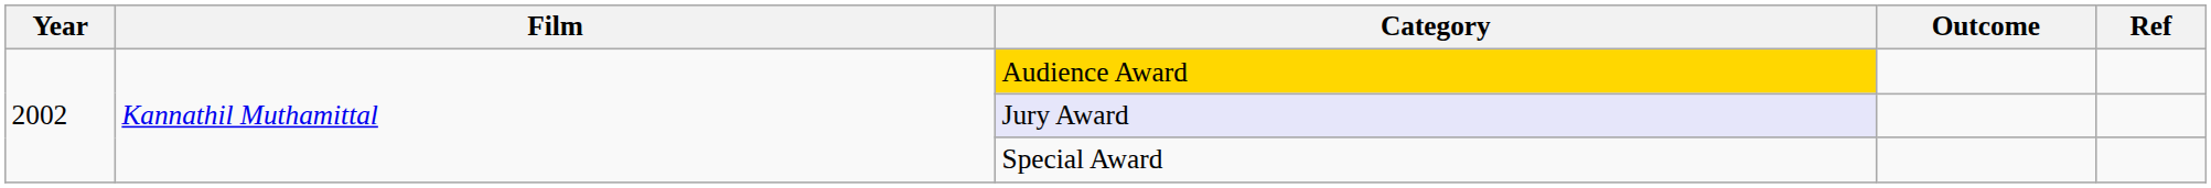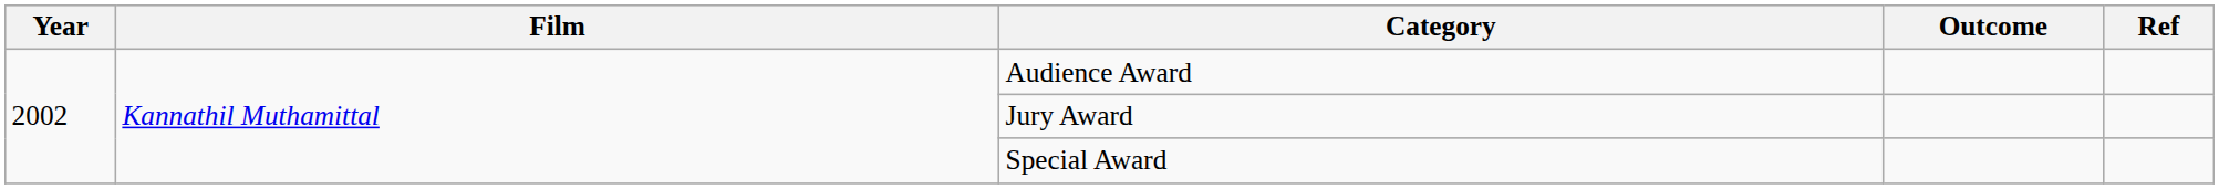 <table class="wikitable" style="width:100%;">
 <tr>
 <th width=5%>Year</th>
 <th style="width:40%;">Film</th>
 <th style="width:40%;">Category</th>
 <th style="width:10%;">Outcome</th>
 <th style="width:5%;">Ref</th>
 </tr>
 <tr>
 <td rowspan ="3">2002</td>
 <td rowspan ="3"><em><a href='#'>Kannathil Muthamittal</a></em></td>
-<td style="background: gold;">Audience Award</td>
+<td>Audience Award</td>
 <td></td>
 <td></td>
 </tr>
 <tr>
-<td style="background: lavender;">Jury Award</td>
+<td>Jury Award</td>
 <td></td>
 <td></td>
 </tr>
 <tr>
 <td>Special Award</td>
 <td></td>
 <td></td>
 </tr>
 </table>
